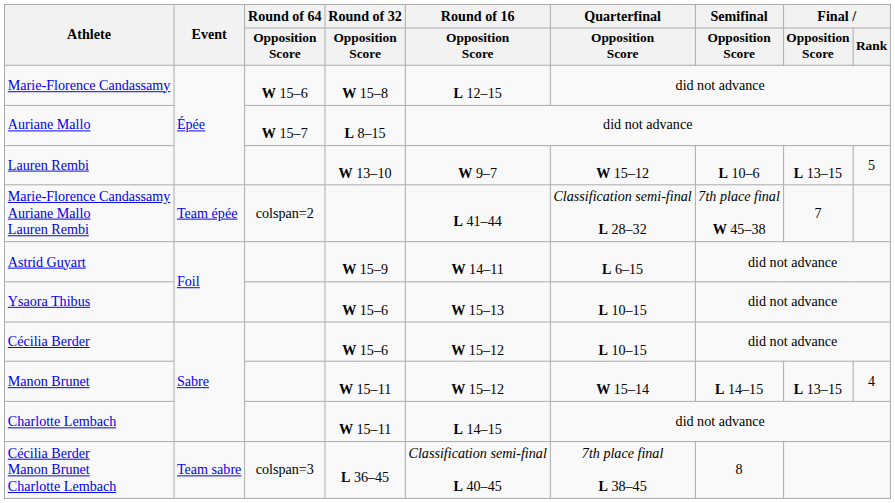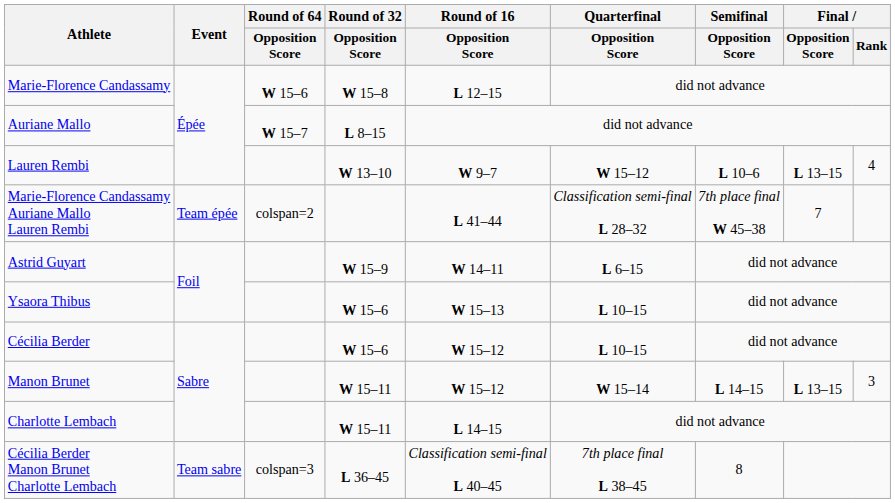 <table class="wikitable" style="font-size:90%">
 <tr>
 <th rowspan=2>Athlete</th>
 <th rowspan=2>Event</th>
 <th>Round of 64</th>
 <th>Round of 32</th>
 <th>Round of 16</th>
 <th>Quarterfinal</th>
 <th>Semifinal</th>
 <th colspan=2>Final / </th>
 </tr>
 <tr style="font-size:95%">
 <th>Opposition<br>Score</th>
 <th>Opposition<br>Score</th>
 <th>Opposition<br>Score</th>
 <th>Opposition<br>Score</th>
 <th>Opposition<br>Score</th>
 <th>Opposition<br>Score</th>
 <th>Rank</th>
 </tr>
 <tr align=center>
 <td align=left><a href='#'>Marie-Florence Candassamy</a></td>
 <td align=left rowspan=3><a href='#'>Épée</a></td>
 <td><br><strong>W</strong> 15–6</td>
 <td><br><strong>W</strong> 15–8</td>
 <td><br><strong>L</strong> 12–15</td>
 <td colspan=4>did not advance</td>
 </tr>
 <tr align=center>
 <td align=left><a href='#'>Auriane Mallo</a></td>
 <td><br><strong>W</strong> 15–7</td>
 <td><br><strong>L</strong> 8–15</td>
 <td colspan=5>did not advance</td>
 </tr>
 <tr align=center>
 <td align=left><a href='#'>Lauren Rembi</a></td>
 <td></td>
 <td><br><strong>W</strong> 13–10</td>
 <td><br><strong>W</strong> 9–7</td>
 <td><br><strong>W</strong> 15–12</td>
 <td><br><strong>L</strong> 10–6</td>
 <td><br><strong>L</strong> 13–15</td>
-<td>5</td>
+<td>4</td>
 </tr>
 <tr align=center>
 <td align=left><a href='#'>Marie-Florence Candassamy</a><br><a href='#'>Auriane Mallo</a><br><a href='#'>Lauren Rembi</a></td>
 <td align=left><a href='#'>Team épée</a></td>
 <td>colspan=2 </td>
 <td></td>
 <td><br><strong>L</strong> 41–44</td>
 <td><em>Classification semi-final</em><br><br><strong>L</strong> 28–32</td>
 <td><em>7th place final</em><br><br><strong>W</strong> 45–38</td>
 <td>7</td>
 </tr>
 <tr align=center>
 <td align=left><a href='#'>Astrid Guyart</a></td>
 <td align=left rowspan=2><a href='#'>Foil</a></td>
 <td></td>
 <td><br><strong>W</strong> 15–9</td>
 <td><br><strong>W</strong> 14–11</td>
 <td><br><strong>L</strong> 6–15</td>
 <td colspan=3>did not advance</td>
 </tr>
 <tr align=center>
 <td align=left><a href='#'>Ysaora Thibus</a></td>
 <td></td>
 <td><br><strong>W</strong> 15–6</td>
 <td><br><strong>W</strong> 15–13</td>
 <td><br><strong>L</strong> 10–15</td>
 <td colspan=3>did not advance</td>
 </tr>
 <tr align=center>
 <td align=left><a href='#'>Cécilia Berder</a></td>
 <td align=left rowspan=3><a href='#'>Sabre</a></td>
 <td></td>
 <td><br><strong>W</strong> 15–6</td>
 <td><br><strong>W</strong> 15–12</td>
 <td><br><strong>L</strong> 10–15</td>
 <td colspan=3>did not advance</td>
 </tr>
 <tr align=center>
 <td align=left><a href='#'>Manon Brunet</a></td>
 <td></td>
 <td><br><strong>W</strong> 15–11</td>
 <td><br><strong>W</strong> 15–12</td>
 <td><br><strong>W</strong> 15–14</td>
 <td><br><strong>L</strong> 14–15</td>
 <td><br><strong>L</strong> 13–15</td>
-<td>4</td>
+<td>3</td>
 </tr>
 <tr align=center>
 <td align=left><a href='#'>Charlotte Lembach</a></td>
 <td></td>
 <td><br><strong>W</strong> 15–11</td>
 <td><br><strong>L</strong> 14–15</td>
 <td colspan=4>did not advance</td>
 </tr>
 <tr align=center>
 <td align=left><a href='#'>Cécilia Berder</a><br><a href='#'>Manon Brunet</a><br><a href='#'>Charlotte Lembach</a></td>
 <td align=left><a href='#'>Team sabre</a></td>
 <td>colspan=3 </td>
 <td><br><strong>L</strong> 36–45</td>
 <td><em>Classification semi-final</em><br><br><strong>L</strong> 40–45</td>
 <td><em>7th place final</em><br><br><strong>L</strong> 38–45</td>
 <td>8</td>
 </tr>
 </table>
